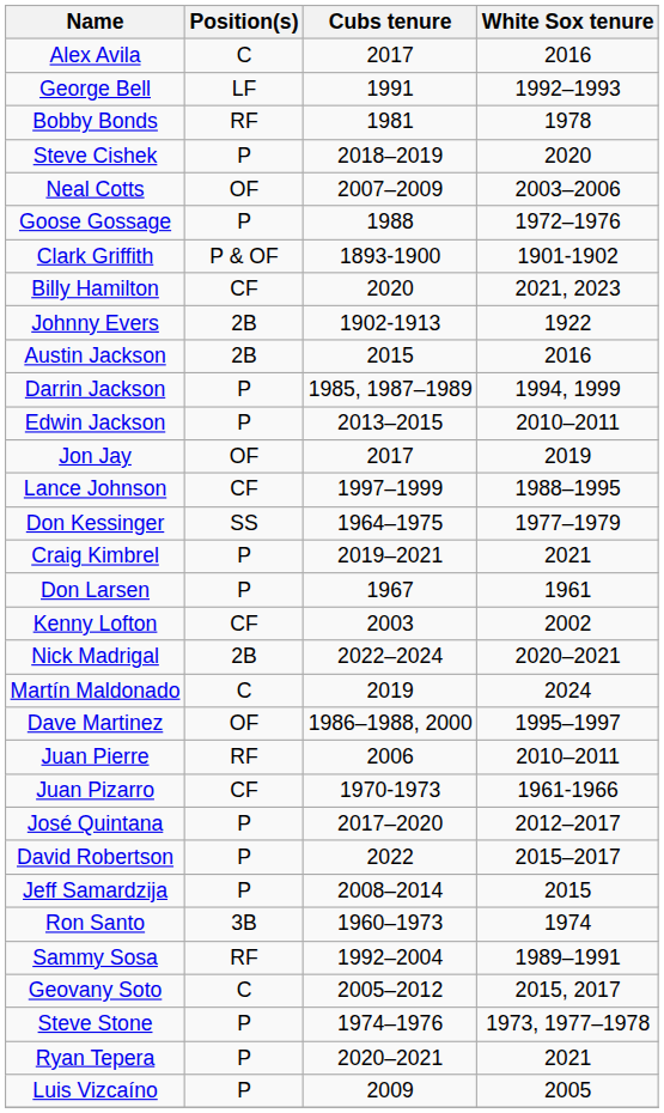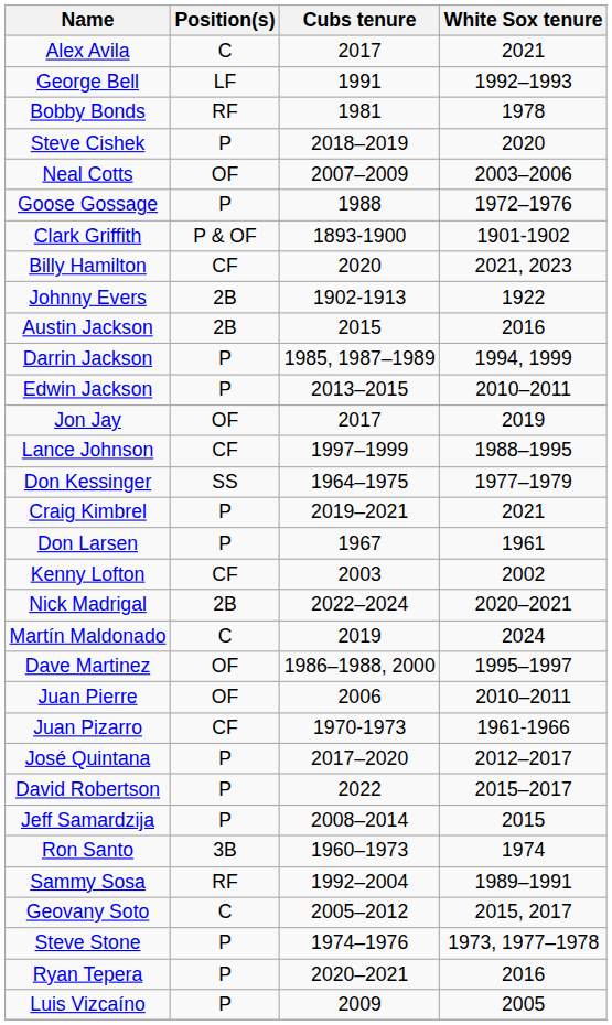 <table class="wikitable" style="text-align:center">
 <tr>
 <th>Name</th>
 <th>Position(s)</th>
 <th>Cubs tenure</th>
 <th>White Sox tenure</th>
 </tr>
 <tr>
 <td><a href='#'>Alex Avila</a></td>
 <td>C</td>
 <td>2017</td>
-<td>2016</td>
+<td>2021</td>
 </tr>
 <tr>
 <td><a href='#'>George Bell</a></td>
 <td>LF</td>
 <td>1991</td>
 <td>1992–1993</td>
 </tr>
 <tr>
 <td><a href='#'>Bobby Bonds</a></td>
 <td>RF</td>
 <td>1981</td>
 <td>1978</td>
 </tr>
 <tr>
 <td><a href='#'>Steve Cishek</a></td>
 <td>P</td>
 <td>2018–2019</td>
 <td>2020</td>
 </tr>
 <tr>
 <td><a href='#'>Neal Cotts</a></td>
 <td>OF</td>
 <td>2007–2009</td>
 <td>2003–2006</td>
 </tr>
 <tr>
 <td><a href='#'>Goose Gossage</a></td>
 <td>P</td>
 <td>1988</td>
 <td>1972–1976</td>
 </tr>
 <tr>
 <td><a href='#'>Clark Griffith</a></td>
 <td>P & OF</td>
 <td>1893-1900</td>
 <td>1901-1902</td>
 </tr>
 <tr>
 <td><a href='#'>Billy Hamilton</a></td>
 <td>CF</td>
 <td>2020</td>
 <td>2021, 2023</td>
 </tr>
 <tr>
 <td><a href='#'>Johnny Evers</a></td>
 <td>2B</td>
 <td>1902-1913</td>
 <td>1922</td>
 </tr>
 <tr>
 <td><a href='#'>Austin Jackson</a></td>
 <td>2B</td>
 <td>2015</td>
 <td>2016</td>
 </tr>
 <tr>
 <td><a href='#'>Darrin Jackson</a></td>
 <td>P</td>
 <td>1985, 1987–1989</td>
 <td>1994, 1999</td>
 </tr>
 <tr>
 <td><a href='#'>Edwin Jackson</a></td>
 <td>P</td>
 <td>2013–2015</td>
 <td>2010–2011</td>
 </tr>
 <tr>
 <td><a href='#'>Jon Jay</a></td>
 <td>OF</td>
 <td>2017</td>
 <td>2019</td>
 </tr>
 <tr>
 <td><a href='#'>Lance Johnson</a></td>
 <td>CF</td>
 <td>1997–1999</td>
 <td>1988–1995</td>
 </tr>
 <tr>
 <td><a href='#'>Don Kessinger</a></td>
 <td>SS</td>
 <td>1964–1975</td>
 <td>1977–1979</td>
 </tr>
 <tr>
 <td><a href='#'>Craig Kimbrel</a></td>
 <td>P</td>
 <td>2019–2021</td>
 <td>2021</td>
 </tr>
 <tr>
 <td><a href='#'>Don Larsen</a></td>
 <td>P</td>
 <td>1967</td>
 <td>1961</td>
 </tr>
 <tr>
 <td><a href='#'>Kenny Lofton</a></td>
 <td>CF</td>
 <td>2003</td>
 <td>2002</td>
 </tr>
 <tr>
 <td><a href='#'>Nick Madrigal</a></td>
 <td>2B</td>
 <td>2022–2024</td>
 <td>2020–2021</td>
 </tr>
 <tr>
 <td><a href='#'>Martín Maldonado</a></td>
 <td>C</td>
 <td>2019</td>
 <td>2024</td>
 </tr>
 <tr>
 <td><a href='#'>Dave Martinez</a></td>
 <td>OF</td>
 <td>1986–1988, 2000</td>
 <td>1995–1997</td>
 </tr>
 <tr>
 <td><a href='#'>Juan Pierre</a></td>
-<td>RF</td>
+<td>OF</td>
 <td>2006</td>
 <td>2010–2011</td>
 </tr>
 <tr>
 <td><a href='#'>Juan Pizarro</a></td>
 <td>CF</td>
 <td>1970-1973</td>
 <td>1961-1966</td>
 </tr>
 <tr>
 <td><a href='#'>José Quintana</a></td>
 <td>P</td>
 <td>2017–2020</td>
 <td>2012–2017</td>
 </tr>
 <tr>
 <td><a href='#'>David Robertson</a></td>
 <td>P</td>
 <td>2022</td>
 <td>2015–2017</td>
 </tr>
 <tr>
 <td><a href='#'>Jeff Samardzija</a></td>
 <td>P</td>
 <td>2008–2014</td>
 <td>2015</td>
 </tr>
 <tr>
 <td><a href='#'>Ron Santo</a></td>
 <td>3B</td>
 <td>1960–1973</td>
 <td>1974</td>
 </tr>
 <tr>
 <td><a href='#'>Sammy Sosa</a></td>
 <td>RF</td>
 <td>1992–2004</td>
 <td>1989–1991</td>
 </tr>
 <tr>
 <td><a href='#'>Geovany Soto</a></td>
 <td>C</td>
 <td>2005–2012</td>
 <td>2015, 2017</td>
 </tr>
 <tr>
 <td><a href='#'>Steve Stone</a></td>
 <td>P</td>
 <td>1974–1976</td>
 <td>1973, 1977–1978</td>
 </tr>
 <tr>
 <td><a href='#'>Ryan Tepera</a></td>
 <td>P</td>
 <td>2020–2021</td>
-<td>2021</td>
+<td>2016</td>
 </tr>
 <tr>
 <td><a href='#'>Luis Vizcaíno</a></td>
 <td>P</td>
 <td>2009</td>
 <td>2005</td>
 </tr>
 <tr>
 </tr>
 </table>
